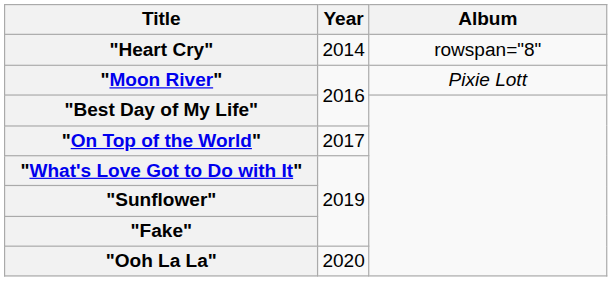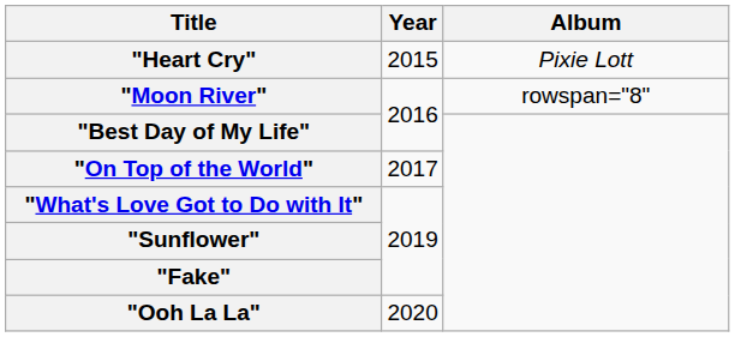 <table class="wikitable plainrowheaders" style="text-align:center">
 <tr>
 <th scope="col" style="width:16em;">Title</th>
 <th scope="col" style="width:1em;">Year</th>
 <th scope="col" style="width:12em;">Album</th>
 </tr>
 <tr>
 <th scope="row">"Heart Cry"</th>
-<td>2014</td>
-<td>rowspan="8" </td>
+<td>2015</td>
+<td><em>Pixie Lott</em></td>
 </tr>
 <tr>
 <th scope="row">"<a href='#'>Moon River</a>"</th>
 <td rowspan="2">2016</td>
-<td><em>Pixie Lott</em></td>
+<td>rowspan="8" </td>
 </tr>
 <tr>
 <th scope="row">"Best Day of My Life"</th>
 </tr>
 <tr>
 <th scope="row">"<a href='#'>On Top of the World</a>"<br></th>
 <td>2017</td>
 </tr>
 <tr>
 <th scope="row">"<a href='#'>What's Love Got to Do with It</a>"</th>
 <td rowspan="3">2019</td>
 </tr>
 <tr>
 <th scope="row">"Sunflower"</th>
 </tr>
 <tr>
 <th scope="row">"Fake"</th>
 </tr>
 <tr>
 <th scope="row">"Ooh La La"</th>
 <td>2020</td>
 </tr>
 </table>
